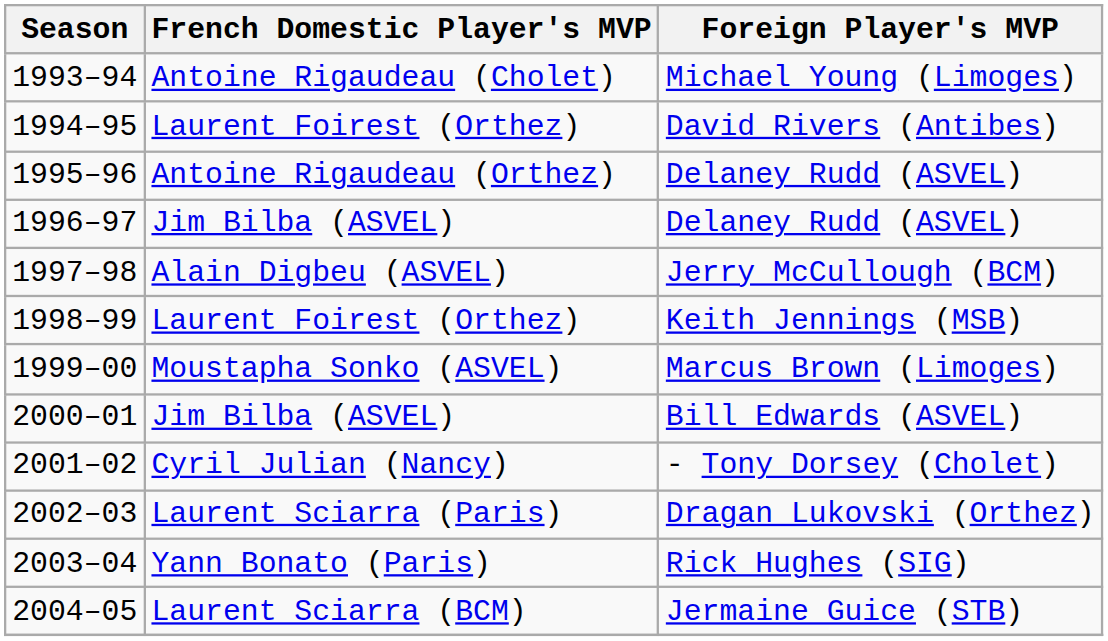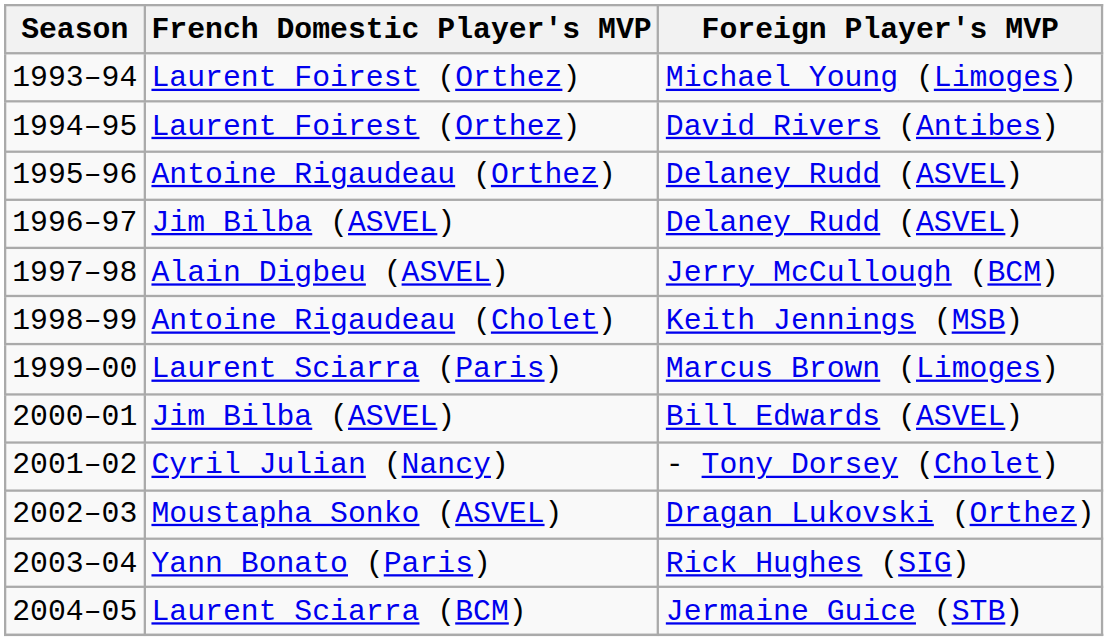 <table class="wikitable" style="text-align:center">
 <tr>
 <th scope="col">Season</th>
 <th scope="col"> French Domestic Player's MVP</th>
 <th scope="col">Foreign Player's MVP</th>
 </tr>
 <tr ---->
 <td>1993–94</td>
-<td style="text-align:left"> <a href='#'>Antoine Rigaudeau</a> (<a href='#'>Cholet</a>)</td>
+<td style="text-align:left"> <a href='#'>Laurent Foirest</a> (<a href='#'>Orthez</a>)</td>
 <td style="text-align:left"> <a href='#'>Michael Young</a> (<a href='#'>Limoges</a>)</td>
 </tr>
 <tr>
 <td>1994–95</td>
 <td style="text-align:left"> <a href='#'>Laurent Foirest</a> (<a href='#'>Orthez</a>)</td>
 <td style="text-align:left"> <a href='#'>David Rivers</a> (<a href='#'>Antibes</a>)</td>
 </tr>
 <tr ---->
 <td>1995–96</td>
 <td style="text-align:left"> <a href='#'>Antoine Rigaudeau</a> (<a href='#'>Orthez</a>)</td>
 <td style="text-align:left"> <a href='#'>Delaney Rudd</a> (<a href='#'>ASVEL</a>)</td>
 </tr>
 <tr>
 <td>1996–97</td>
 <td style="text-align:left"> <a href='#'>Jim Bilba</a> (<a href='#'>ASVEL</a>)</td>
 <td style="text-align:left"> <a href='#'>Delaney Rudd</a> (<a href='#'>ASVEL</a>)</td>
 </tr>
 <tr ---->
 <td>1997–98</td>
 <td style="text-align:left"> <a href='#'>Alain Digbeu</a> (<a href='#'>ASVEL</a>)</td>
 <td style="text-align:left"> <a href='#'>Jerry McCullough</a> (<a href='#'>BCM</a>)</td>
 </tr>
 <tr>
 <td>1998–99</td>
-<td style="text-align:left"> <a href='#'>Laurent Foirest</a> (<a href='#'>Orthez</a>)</td>
+<td style="text-align:left"> <a href='#'>Antoine Rigaudeau</a> (<a href='#'>Cholet</a>)</td>
 <td style="text-align:left"> <a href='#'>Keith Jennings</a> (<a href='#'>MSB</a>)</td>
 </tr>
 <tr ---->
 <td>1999–00</td>
-<td style="text-align:left"> <a href='#'>Moustapha Sonko</a> (<a href='#'>ASVEL</a>)</td>
+<td style="text-align:left"> <a href='#'>Laurent Sciarra</a> (<a href='#'>Paris</a>)</td>
 <td style="text-align:left"> <a href='#'>Marcus Brown</a> (<a href='#'>Limoges</a>)</td>
 </tr>
 <tr>
 <td>2000–01</td>
 <td style="text-align:left"> <a href='#'>Jim Bilba</a> (<a href='#'>ASVEL</a>)</td>
 <td style="text-align:left"> <a href='#'>Bill Edwards</a> (<a href='#'>ASVEL</a>)</td>
 </tr>
 <tr ---->
 <td>2001–02</td>
 <td style="text-align:left"> <a href='#'>Cyril Julian</a> (<a href='#'>Nancy</a>)</td>
 <td style="text-align:left">- <a href='#'>Tony Dorsey</a> (<a href='#'>Cholet</a>)</td>
 </tr>
 <tr>
 <td>2002–03</td>
-<td style="text-align:left"> <a href='#'>Laurent Sciarra</a> (<a href='#'>Paris</a>)</td>
+<td style="text-align:left"> <a href='#'>Moustapha Sonko</a> (<a href='#'>ASVEL</a>)</td>
 <td style="text-align:left"> <a href='#'>Dragan Lukovski</a> (<a href='#'>Orthez</a>)</td>
 </tr>
 <tr ---->
 <td>2003–04</td>
 <td style="text-align:left"> <a href='#'>Yann Bonato</a> (<a href='#'>Paris</a>)</td>
 <td style="text-align:left"> <a href='#'>Rick Hughes</a> (<a href='#'>SIG</a>)</td>
 </tr>
 <tr>
 <td>2004–05</td>
 <td style="text-align:left"> <a href='#'>Laurent Sciarra</a> (<a href='#'>BCM</a>)</td>
 <td style="text-align:left"> <a href='#'>Jermaine Guice</a> (<a href='#'>STB</a>)</td>
 </tr>
 <tr ---->
 </tr>
 </table>
